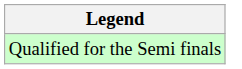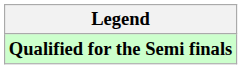 <table class="wikitable">
 <tr>
 <th>Legend</th>
 </tr>
 <tr bgcolor=#ccffcc>
-<td>Qualified for the Semi finals</td>
+<td><strong>Qualified for the Semi finals</strong></td>
 </tr>
 </table>
